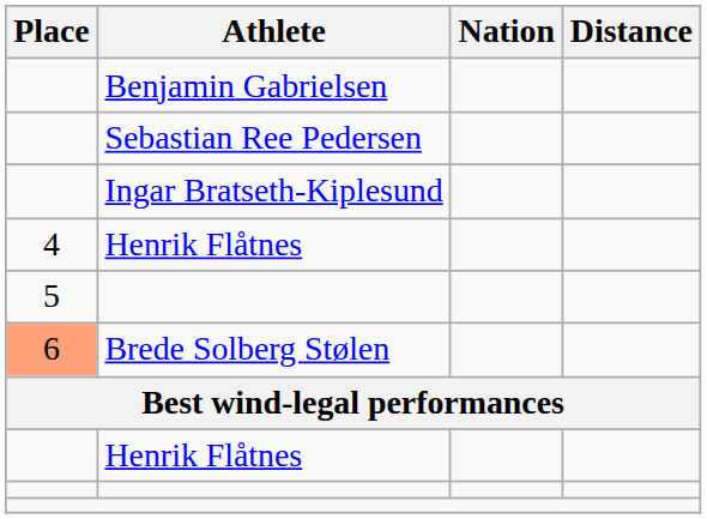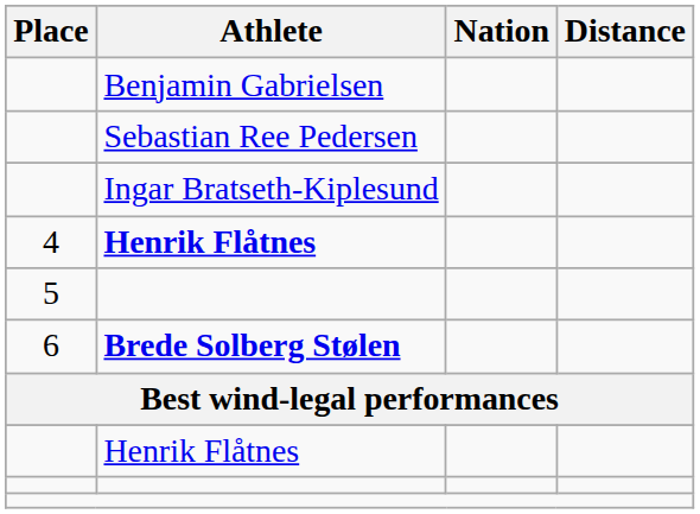 <table class="wikitable mw-datatable sortable">
 <tr>
 <th>Place</th>
 <th>Athlete</th>
 <th>Nation</th>
 <th>Distance</th>
 </tr>
 <tr>
 <td align=center></td>
 <td><a href='#'>Benjamin Gabrielsen</a></td>
 <td></td>
 <td> </td>
 </tr>
 <tr>
 <td align=center></td>
 <td><a href='#'>Sebastian Ree Pedersen</a></td>
 <td></td>
 <td> </td>
 </tr>
 <tr>
 <td align=center></td>
 <td><a href='#'>Ingar Bratseth-Kiplesund</a></td>
 <td></td>
 <td> </td>
 </tr>
 <tr>
 <td align=center>4</td>
-<td><a href='#'>Henrik Flåtnes</a></td>
+<td><strong><a href='#'>Henrik Flåtnes</a></strong></td>
 <td></td>
 <td> </td>
 </tr>
 <tr>
 <td align=center>5</td>
 <td></td>
 <td></td>
 <td> </td>
 </tr>
 <tr>
-<td align=center style="background: lightsalmon;">6</td>
-<td><a href='#'>Brede Solberg Stølen</a></td>
+<td align=center>6</td>
+<td><strong><a href='#'>Brede Solberg Stølen</a></strong></td>
 <td></td>
 <td> </td>
 </tr>
 <tr>
 <th align=center colspan=4>Best wind-legal performances</th>
 </tr>
 <tr>
 <td align=center></td>
 <td><a href='#'>Henrik Flåtnes</a></td>
 <td></td>
 <td> </td>
 </tr>
 <tr>
 <td align=center></td>
 <td></td>
 <td></td>
 <td> </td>
 </tr>
 <tr class="sortbottom">
 <td align=center colspan="5"></td>
 </tr>
 </table>
